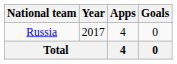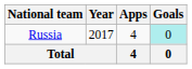 <table class="wikitable" style="text-align:center">
 <tr>
 <th>National team</th>
 <th>Year</th>
 <th>Apps</th>
 <th>Goals</th>
 </tr>
 <tr>
 <td><a href='#'>Russia</a></td>
 <td>2017</td>
 <td>4</td>
-<td>0</td>
+<td style="background: paleturquoise;">0</td>
 </tr>
 <tr>
 <th colspan="2">Total</th>
 <th>4</th>
 <th>0</th>
 </tr>
 </table>
